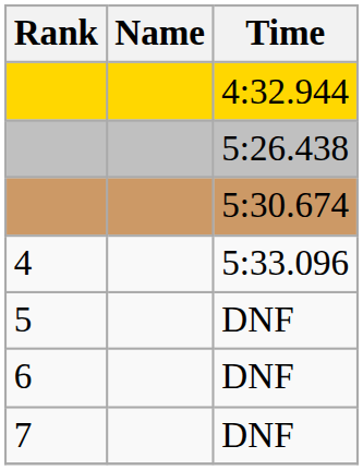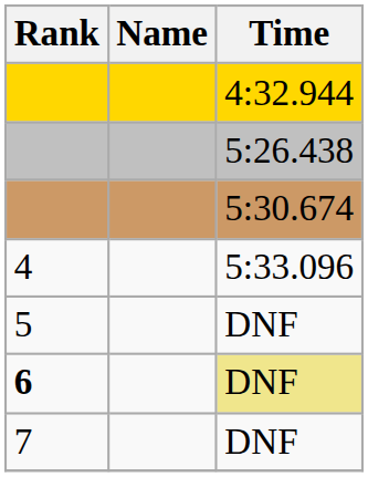 <table class="wikitable">
 <tr>
 <th>Rank</th>
 <th>Name</th>
 <th>Time</th>
 </tr>
 <tr style="background:gold;">
 <td></td>
 <td></td>
 <td>4:32.944</td>
 </tr>
 <tr style="background:silver;">
 <td></td>
 <td></td>
 <td>5:26.438</td>
 </tr>
 <tr style="background:#cc9966;">
 <td></td>
 <td></td>
 <td>5:30.674</td>
 </tr>
 <tr>
 <td>4</td>
 <td></td>
 <td>5:33.096</td>
 </tr>
 <tr>
 <td>5</td>
 <td></td>
 <td>DNF</td>
 </tr>
 <tr>
-<td>6</td>
+<td><strong>6</strong></td>
 <td></td>
-<td>DNF</td>
+<td style="background: khaki;">DNF</td>
 </tr>
 <tr>
 <td>7</td>
 <td></td>
 <td>DNF</td>
 </tr>
 <tr>
 </tr>
 </table>
